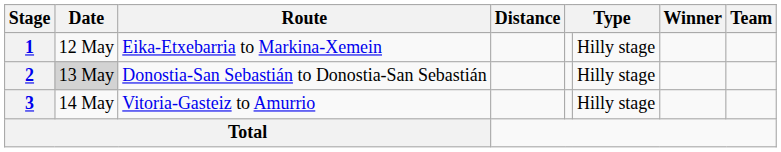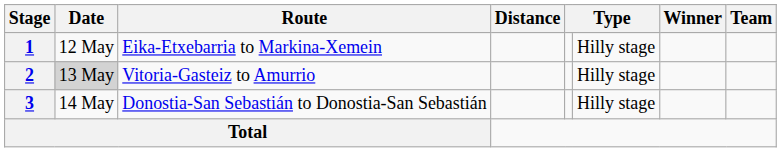 <table class="wikitable">
 <tr>
 <th scope="col">Stage</th>
 <th scope="col">Date</th>
 <th scope="col">Route</th>
 <th scope="col">Distance</th>
 <th colspan="2" scope="col">Type</th>
 <th scope="col">Winner</th>
 <th scope="col">Team</th>
 </tr>
 <tr>
 <th scope="row"><a href='#'>1</a></th>
 <td style="text-align:right;">12 May</td>
 <td><a href='#'>Eika-Etxebarria</a> to <a href='#'>Markina-Xemein</a></td>
 <td align="center"></td>
 <td></td>
 <td>Hilly stage</td>
 <td></td>
 <td></td>
 </tr>
 <tr>
 <th scope="row"><a href='#'>2</a></th>
 <td style="background: lightgrey; text-align:right;">13 May</td>
-<td><a href='#'>Donostia-San Sebastián</a> to Donostia-San Sebastián</td>
+<td><a href='#'>Vitoria-Gasteiz</a> to <a href='#'>Amurrio</a></td>
 <td align="center"></td>
 <td></td>
 <td>Hilly stage</td>
 <td></td>
 <td></td>
 </tr>
 <tr>
 <th scope="row"><a href='#'>3</a></th>
 <td style="text-align:right;">14 May</td>
-<td><a href='#'>Vitoria-Gasteiz</a> to <a href='#'>Amurrio</a></td>
+<td><a href='#'>Donostia-San Sebastián</a> to Donostia-San Sebastián</td>
 <td align="center"></td>
 <td></td>
 <td>Hilly stage</td>
 <td></td>
 <td></td>
 </tr>
 <tr>
 <th colspan="3">Total</th>
 <td colspan="5" align="center"></td>
 </tr>
 </table>
